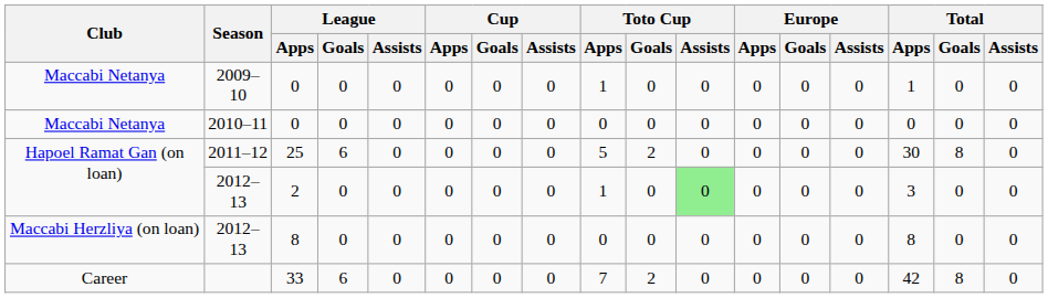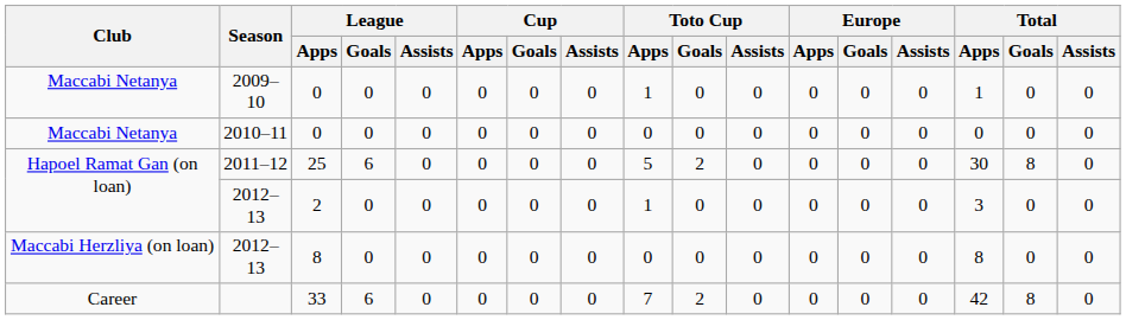 <table class="wikitable" style="font-size:90%; text-align: center;">
 <tr>
 <th rowspan="2">Club</th>
 <th rowspan="2">Season</th>
 <th colspan="3">League</th>
 <th colspan="3">Cup</th>
 <th colspan="3">Toto Cup</th>
 <th colspan="3">Europe</th>
 <th colspan="3">Total</th>
 </tr>
 <tr>
 <th>Apps</th>
 <th>Goals</th>
 <th>Assists</th>
 <th>Apps</th>
 <th>Goals</th>
 <th>Assists</th>
 <th>Apps</th>
 <th>Goals</th>
 <th>Assists</th>
 <th>Apps</th>
 <th>Goals</th>
 <th>Assists</th>
 <th>Apps</th>
 <th>Goals</th>
 <th>Assists</th>
 </tr>
 <tr |-||-||-|>
 <td rowspan="1" valign="top"><a href='#'>Maccabi Netanya</a></td>
 <td>2009–10</td>
 <td>0</td>
 <td>0</td>
 <td>0</td>
 <td>0</td>
 <td>0</td>
 <td>0</td>
 <td>1</td>
 <td>0</td>
 <td>0</td>
 <td>0</td>
 <td>0</td>
 <td>0</td>
 <td>1</td>
 <td>0</td>
 <td>0</td>
 </tr>
 <tr>
 <td rowspan="1" valign="top"><a href='#'>Maccabi Netanya</a></td>
 <td>2010–11</td>
 <td>0</td>
 <td>0</td>
 <td>0</td>
 <td>0</td>
 <td>0</td>
 <td>0</td>
 <td>0</td>
 <td>0</td>
 <td>0</td>
 <td>0</td>
 <td>0</td>
 <td>0</td>
 <td>0</td>
 <td>0</td>
 <td>0</td>
 </tr>
 <tr>
 <td rowspan="2" valign="top"><a href='#'>Hapoel Ramat Gan</a> (on loan)</td>
 <td>2011–12</td>
 <td>25</td>
 <td>6</td>
 <td>0</td>
 <td>0</td>
 <td>0</td>
 <td>0</td>
 <td>5</td>
 <td>2</td>
 <td>0</td>
 <td>0</td>
 <td>0</td>
 <td>0</td>
 <td>30</td>
 <td>8</td>
 <td>0</td>
 </tr>
 <tr>
 <td>2012–13</td>
 <td>2</td>
 <td>0</td>
 <td>0</td>
 <td>0</td>
 <td>0</td>
 <td>0</td>
 <td>1</td>
 <td>0</td>
-<td style="background: lightgreen;">0</td>
+<td>0</td>
 <td>0</td>
 <td>0</td>
 <td>0</td>
 <td>3</td>
 <td>0</td>
 <td>0</td>
 </tr>
 <tr>
 <td rowspan="1" valign="top"><a href='#'>Maccabi Herzliya</a> (on loan)</td>
 <td>2012–13</td>
 <td>8</td>
 <td>0</td>
 <td>0</td>
 <td>0</td>
 <td>0</td>
 <td>0</td>
 <td>0</td>
 <td>0</td>
 <td>0</td>
 <td>0</td>
 <td>0</td>
 <td>0</td>
 <td>8</td>
 <td>0</td>
 <td>0</td>
 </tr>
 <tr>
 <td rowspan="1" valign="top">Career</td>
 <td></td>
 <td>33</td>
 <td>6</td>
 <td>0</td>
 <td>0</td>
 <td>0</td>
 <td>0</td>
 <td>7</td>
 <td>2</td>
 <td>0</td>
 <td>0</td>
 <td>0</td>
 <td>0</td>
 <td>42</td>
 <td>8</td>
 <td>0</td>
 </tr>
 </table>
